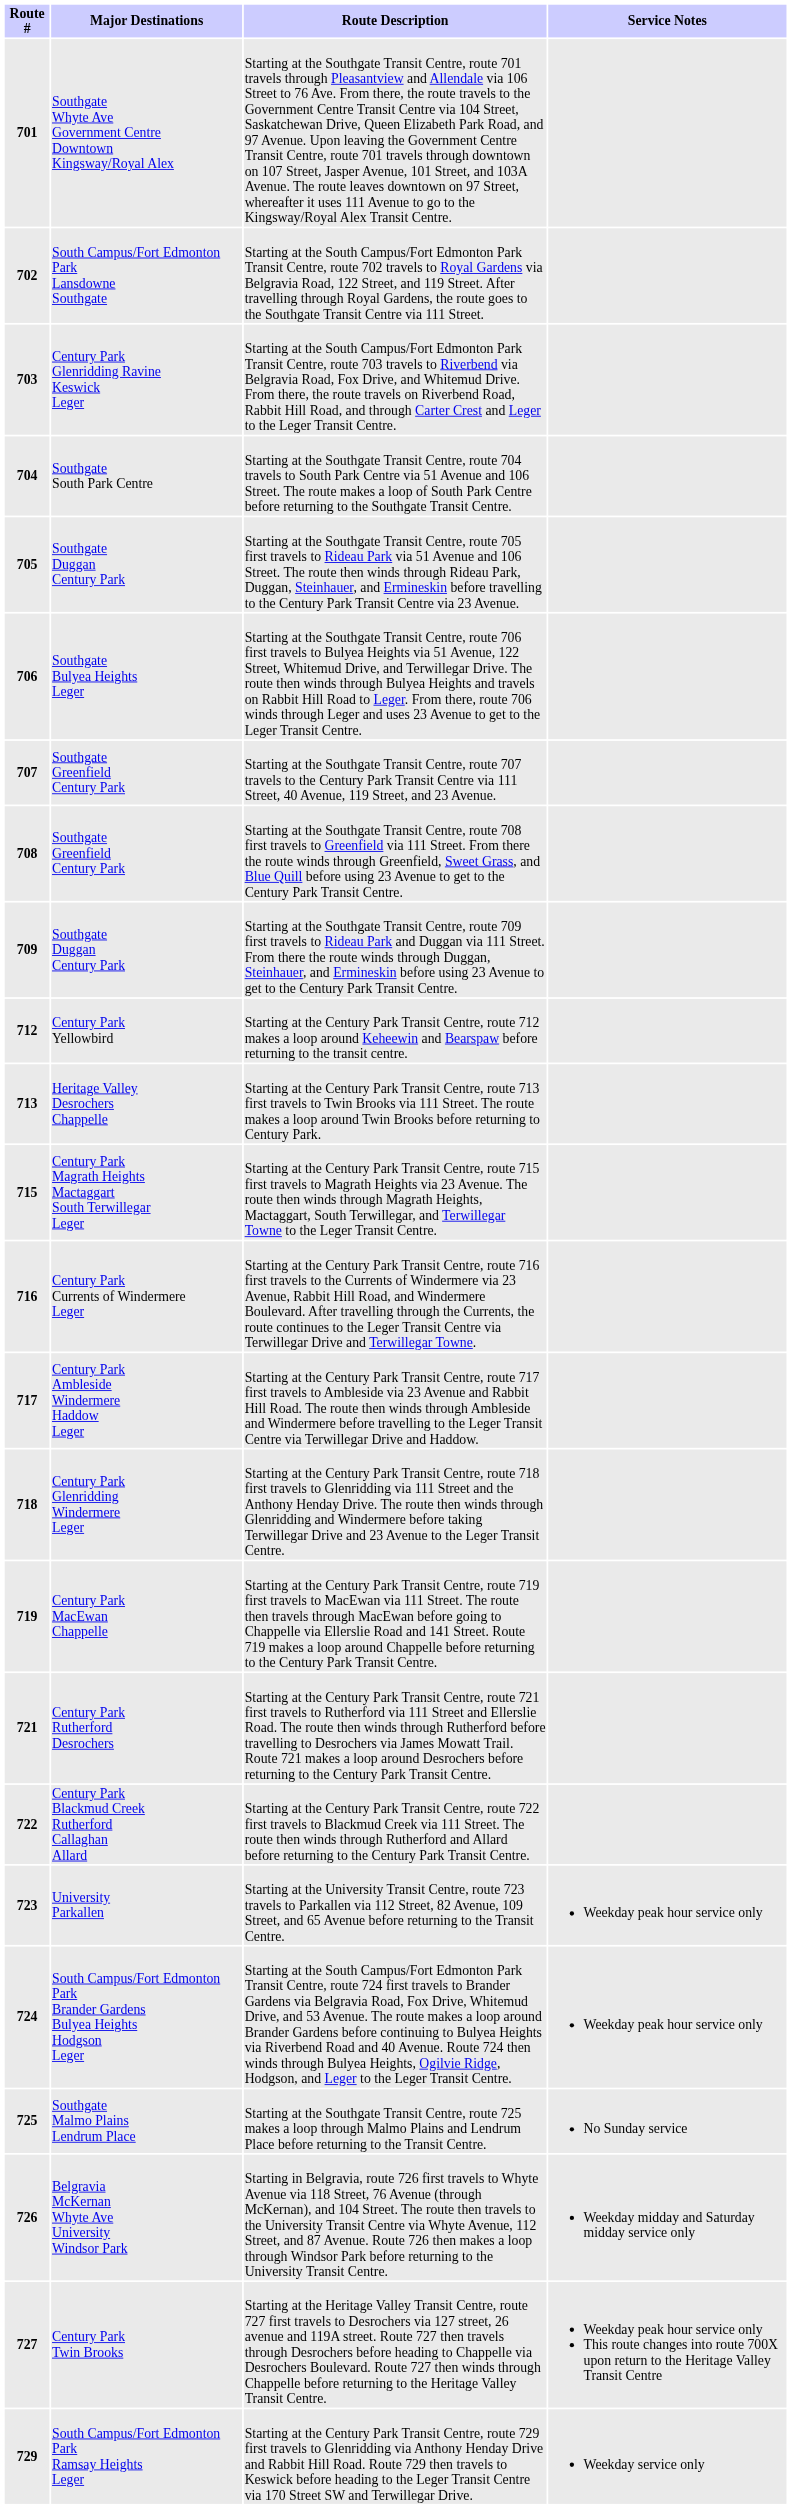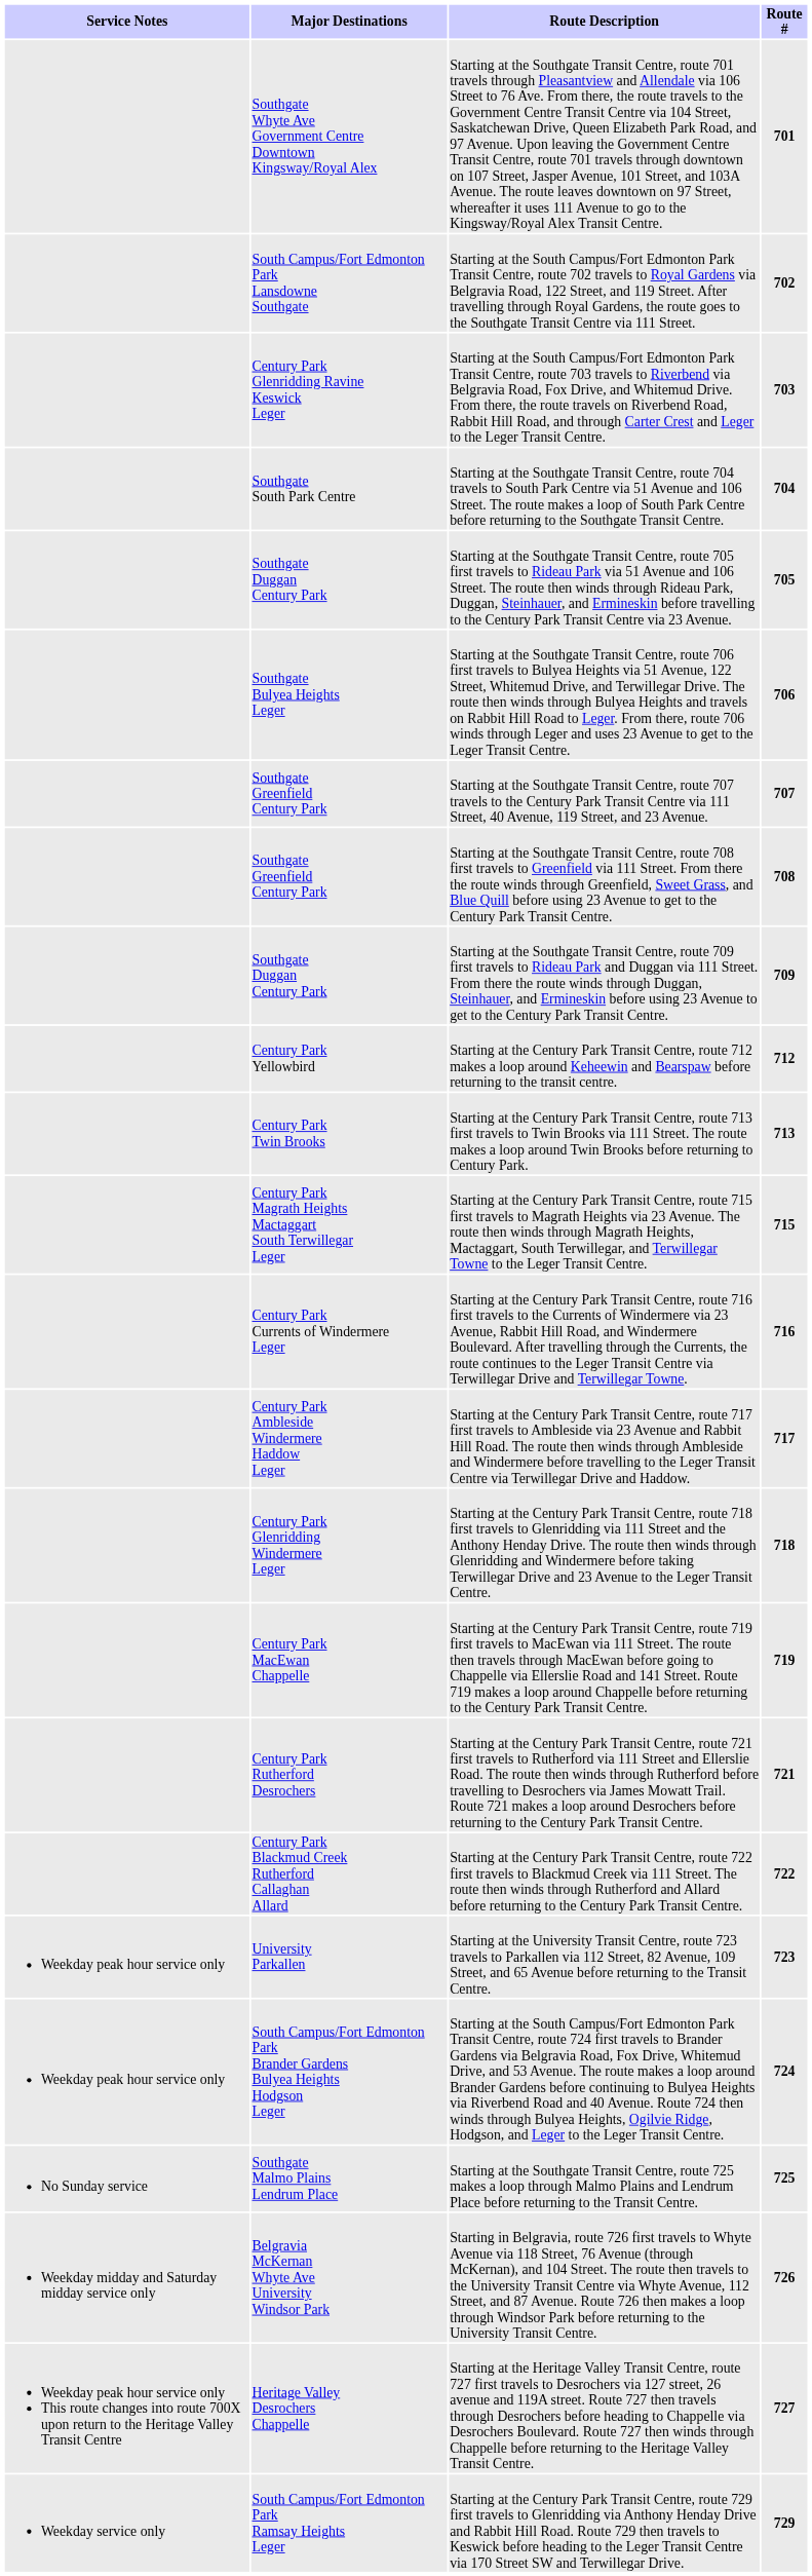 <table>
 <tr bgcolor="#ccccff">
-<th width="50" align="center"><strong>Route #</strong></th>
+<td width="275" align="center"><strong>Service Notes</strong></td>
 <td width="220" align="center"><strong>Major Destinations</strong></td>
 <td width="350" align="center"><strong>Route Description</strong></td>
-<td width="275" align="center"><strong>Service Notes</strong></td>
+<th width="50" align="center"><strong>Route #</strong></th>
 </tr>
 <tr bgcolor="#eaeaea">
-<td align="center"><strong>701</strong></td>
+<td></td>
 <td><a href='#'>Southgate</a><br><a href='#'>Whyte Ave</a><br><a href='#'>Government Centre</a><br><a href='#'>Downtown</a><br><a href='#'>Kingsway/Royal Alex</a></td>
 <td><br>Starting at the Southgate Transit Centre, route 701 travels through <a href='#'>Pleasantview</a> and <a href='#'>Allendale</a> via 106 Street to 76 Ave. From there, the route travels to the Government Centre Transit Centre via 104 Street, Saskatchewan Drive, Queen Elizabeth Park Road, and 97 Avenue. Upon leaving the Government Centre Transit Centre, route 701 travels through downtown on 107 Street, Jasper Avenue, 101 Street, and 103A Avenue. The route leaves downtown on 97 Street, whereafter it uses 111 Avenue to go to the Kingsway/Royal Alex Transit Centre.</td>
-<td></td>
+<td align="center"><strong>701</strong></td>
 </tr>
 <tr bgcolor="#eaeaea">
-<td align="center"><strong>702</strong></td>
+<td></td>
 <td><a href='#'>South Campus/Fort Edmonton Park</a><br><a href='#'>Lansdowne</a><br><a href='#'>Southgate</a></td>
 <td><br>Starting at the South Campus/Fort Edmonton Park Transit Centre, route 702 travels to <a href='#'>Royal Gardens</a> via Belgravia Road, 122 Street, and 119 Street. After travelling through Royal Gardens, the route goes to the Southgate Transit Centre via 111 Street.</td>
-<td></td>
+<td align="center"><strong>702</strong></td>
 </tr>
 <tr bgcolor="#eaeaea">
-<td align="center"><strong>703</strong></td>
+<td></td>
 <td><a href='#'>Century Park</a><br><a href='#'>Glenridding Ravine</a><br><a href='#'>Keswick</a><br><a href='#'>Leger</a></td>
 <td><br>Starting at the South Campus/Fort Edmonton Park Transit Centre, route 703 travels to <a href='#'>Riverbend</a> via Belgravia Road, Fox Drive, and Whitemud Drive. From there, the route travels on Riverbend Road, Rabbit Hill Road, and through <a href='#'>Carter Crest</a> and <a href='#'>Leger</a> to the Leger Transit Centre.</td>
-<td></td>
+<td align="center"><strong>703</strong></td>
 </tr>
 <tr bgcolor="#eaeaea">
-<td align="center"><strong>704</strong></td>
+<td></td>
 <td><a href='#'>Southgate</a><br>South Park Centre</td>
 <td><br>Starting at the Southgate Transit Centre, route 704 travels to South Park Centre via 51 Avenue and 106 Street. The route makes a loop of South Park Centre before returning to the Southgate Transit Centre.</td>
-<td></td>
+<td align="center"><strong>704</strong></td>
 </tr>
 <tr bgcolor="#eaeaea">
-<td align="center"><strong>705</strong></td>
+<td></td>
 <td><a href='#'>Southgate</a><br><a href='#'>Duggan</a><br><a href='#'>Century Park</a></td>
 <td><br>Starting at the Southgate Transit Centre, route 705 first travels to <a href='#'>Rideau Park</a> via 51 Avenue and 106 Street. The route then winds through Rideau Park, Duggan, <a href='#'>Steinhauer</a>, and <a href='#'>Ermineskin</a> before travelling to the Century Park Transit Centre via 23 Avenue.</td>
-<td></td>
+<td align="center"><strong>705</strong></td>
 </tr>
 <tr bgcolor="#eaeaea">
-<td align="center"><strong>706</strong></td>
+<td></td>
 <td><a href='#'>Southgate</a><br><a href='#'>Bulyea Heights</a><br><a href='#'>Leger</a></td>
 <td><br>Starting at the Southgate Transit Centre, route 706 first travels to Bulyea Heights via 51 Avenue, 122 Street, Whitemud Drive, and Terwillegar Drive. The route then winds through Bulyea Heights and travels on Rabbit Hill Road to <a href='#'>Leger</a>. From there, route 706 winds through Leger and uses 23 Avenue to get to the Leger Transit Centre.</td>
-<td></td>
+<td align="center"><strong>706</strong></td>
 </tr>
 <tr bgcolor="#eaeaea">
-<td align="center"><strong>707</strong></td>
+<td></td>
 <td><a href='#'>Southgate</a><br><a href='#'>Greenfield</a><br><a href='#'>Century Park</a></td>
 <td><br>Starting at the Southgate Transit Centre, route 707 travels to the Century Park Transit Centre via 111 Street, 40 Avenue, 119 Street, and 23 Avenue.</td>
-<td></td>
+<td align="center"><strong>707</strong></td>
 </tr>
 <tr bgcolor="#eaeaea">
-<td align="center"><strong>708</strong></td>
+<td></td>
 <td><a href='#'>Southgate</a><br><a href='#'>Greenfield</a><br><a href='#'>Century Park</a></td>
 <td><br>Starting at the Southgate Transit Centre, route 708 first travels to <a href='#'>Greenfield</a> via 111 Street. From there the route winds through Greenfield, <a href='#'>Sweet Grass</a>, and <a href='#'>Blue Quill</a> before using 23 Avenue to get to the Century Park Transit Centre.</td>
-<td></td>
+<td align="center"><strong>708</strong></td>
 </tr>
 <tr bgcolor="#eaeaea">
-<td align="center"><strong>709</strong></td>
+<td></td>
 <td><a href='#'>Southgate</a><br><a href='#'>Duggan</a><br><a href='#'>Century Park</a></td>
 <td><br>Starting at the Southgate Transit Centre, route 709 first travels to <a href='#'>Rideau Park</a> and Duggan via 111 Street. From there the route winds through Duggan, <a href='#'>Steinhauer</a>, and <a href='#'>Ermineskin</a> before using 23 Avenue to get to the Century Park Transit Centre.</td>
-<td></td>
+<td align="center"><strong>709</strong></td>
 </tr>
 <tr bgcolor="#eaeaea">
-<td align="center"><strong>712</strong></td>
+<td></td>
 <td><a href='#'>Century Park</a><br>Yellowbird</td>
 <td><br>Starting at the Century Park Transit Centre, route 712 makes a loop around <a href='#'>Keheewin</a> and <a href='#'>Bearspaw</a> before returning to the transit centre.</td>
-<td></td>
+<td align="center"><strong>712</strong></td>
 </tr>
 <tr bgcolor="#eaeaea">
+<td></td>
+<td><a href='#'>Century Park</a><br><a href='#'>Twin Brooks</a></td>
+<td><br>Starting at the Century Park Transit Centre, route 713 first travels to Twin Brooks via 111 Street. The route makes a loop around Twin Brooks before returning to Century Park.</td>
 <td align="center"><strong>713</strong></td>
-<td><a href='#'>Heritage Valley</a><br><a href='#'>Desrochers</a><br><a href='#'>Chappelle</a></td>
-<td><br>Starting at the Century Park Transit Centre, route 713 first travels to Twin Brooks via 111 Street. The route makes a loop around Twin Brooks before returning to Century Park.</td>
-<td></td>
 </tr>
 <tr bgcolor="#eaeaea">
-<td align="center"><strong>715</strong></td>
+<td></td>
 <td><a href='#'>Century Park</a><br><a href='#'>Magrath Heights</a><br><a href='#'>Mactaggart</a><br><a href='#'>South Terwillegar</a><br><a href='#'>Leger</a></td>
 <td><br>Starting at the Century Park Transit Centre, route 715 first travels to Magrath Heights via 23 Avenue. The route then winds through Magrath Heights, Mactaggart, South Terwillegar, and <a href='#'>Terwillegar Towne</a> to the Leger Transit Centre.</td>
-<td></td>
+<td align="center"><strong>715</strong></td>
 </tr>
 <tr bgcolor="#eaeaea">
-<td align="center"><strong>716</strong></td>
+<td></td>
 <td><a href='#'>Century Park</a><br>Currents of Windermere<br><a href='#'>Leger</a></td>
 <td><br>Starting at the Century Park Transit Centre, route 716 first travels to the Currents of Windermere via 23 Avenue, Rabbit Hill Road, and Windermere Boulevard. After travelling through the Currents, the route continues to the Leger Transit Centre via Terwillegar Drive and <a href='#'>Terwillegar Towne</a>.</td>
-<td></td>
+<td align="center"><strong>716</strong></td>
 </tr>
 <tr bgcolor="#eaeaea">
-<td align="center"><strong>717</strong></td>
+<td></td>
 <td><a href='#'>Century Park</a><br><a href='#'>Ambleside</a><br><a href='#'>Windermere</a><br><a href='#'>Haddow</a><br><a href='#'>Leger</a></td>
 <td><br>Starting at the Century Park Transit Centre, route 717 first travels to Ambleside via 23 Avenue and Rabbit Hill Road. The route then winds through Ambleside and Windermere before travelling to the Leger Transit Centre via Terwillegar Drive and Haddow.</td>
-<td></td>
+<td align="center"><strong>717</strong></td>
 </tr>
 <tr bgcolor="#eaeaea">
-<td align="center"><strong>718</strong></td>
+<td></td>
 <td><a href='#'>Century Park</a><br><a href='#'>Glenridding</a><br><a href='#'>Windermere</a><br><a href='#'>Leger</a></td>
 <td><br>Starting at the Century Park Transit Centre, route 718 first travels to Glenridding via 111 Street and the Anthony Henday Drive. The route then winds through Glenridding and Windermere before taking Terwillegar Drive and 23 Avenue to the Leger Transit Centre.</td>
-<td></td>
+<td align="center"><strong>718</strong></td>
 </tr>
 <tr bgcolor="#eaeaea">
-<td align="center"><strong>719</strong></td>
+<td></td>
 <td><a href='#'>Century Park</a><br><a href='#'>MacEwan</a><br><a href='#'>Chappelle</a></td>
 <td><br>Starting at the Century Park Transit Centre, route 719 first travels to MacEwan via 111 Street. The route then travels through MacEwan before going to Chappelle via Ellerslie Road and 141 Street. Route 719 makes a loop around Chappelle before returning to the Century Park Transit Centre.</td>
-<td></td>
+<td align="center"><strong>719</strong></td>
 </tr>
 <tr bgcolor="#eaeaea">
-<td align="center"><strong>721</strong></td>
+<td></td>
 <td><a href='#'>Century Park</a><br><a href='#'>Rutherford</a><br><a href='#'>Desrochers</a></td>
 <td><br>Starting at the Century Park Transit Centre, route 721 first travels to Rutherford via 111 Street and Ellerslie Road. The route then winds through Rutherford before travelling to Desrochers via James Mowatt Trail. Route 721 makes a loop around Desrochers before returning to the Century Park Transit Centre.</td>
-<td></td>
+<td align="center"><strong>721</strong></td>
 </tr>
 <tr bgcolor="#eaeaea">
-<td align="center"><strong>722</strong></td>
+<td></td>
 <td><a href='#'>Century Park</a><br><a href='#'>Blackmud Creek</a><br><a href='#'>Rutherford</a><br><a href='#'>Callaghan</a><br><a href='#'>Allard</a></td>
 <td><br>Starting at the Century Park Transit Centre, route 722 first travels to Blackmud Creek via 111 Street. The route then winds through Rutherford and Allard before returning to the Century Park Transit Centre.</td>
-<td></td>
+<td align="center"><strong>722</strong></td>
 </tr>
 <tr bgcolor="#eaeaea">
-<td align="center"><strong>723</strong></td>
+<td><br><ul><li>Weekday peak hour service only</li></ul></td>
 <td><a href='#'>University</a><br><a href='#'>Parkallen</a></td>
 <td><br>Starting at the University Transit Centre, route 723 travels to Parkallen via 112 Street, 82 Avenue, 109 Street, and 65 Avenue before returning to the Transit Centre.</td>
-<td><br><ul><li>Weekday peak hour service only</li></ul></td>
+<td align="center"><strong>723</strong></td>
 </tr>
 <tr bgcolor="#eaeaea">
-<td align="center"><strong>724</strong></td>
+<td><br><ul><li>Weekday peak hour service only</li></ul></td>
 <td><a href='#'>South Campus/Fort Edmonton Park</a><br><a href='#'>Brander Gardens</a><br><a href='#'>Bulyea Heights</a><br><a href='#'>Hodgson</a><br><a href='#'>Leger</a></td>
 <td><br>Starting at the South Campus/Fort Edmonton Park Transit Centre, route 724 first travels to Brander Gardens via Belgravia Road, Fox Drive, Whitemud Drive, and 53 Avenue. The route makes a loop around Brander Gardens before continuing to Bulyea Heights via Riverbend Road and 40 Avenue. Route 724 then winds through Bulyea Heights, <a href='#'>Ogilvie Ridge</a>, Hodgson, and <a href='#'>Leger</a> to the Leger Transit Centre.</td>
-<td><br><ul><li>Weekday peak hour service only</li></ul></td>
+<td align="center"><strong>724</strong></td>
 </tr>
 <tr bgcolor="#eaeaea">
-<td align="center"><strong>725</strong></td>
+<td><br><ul><li>No Sunday service</li></ul></td>
 <td><a href='#'>Southgate</a><br><a href='#'>Malmo Plains</a><br><a href='#'>Lendrum Place</a></td>
 <td><br>Starting at the Southgate Transit Centre, route 725 makes a loop through Malmo Plains and Lendrum Place before returning to the Transit Centre.</td>
-<td><br><ul><li>No Sunday service</li></ul></td>
+<td align="center"><strong>725</strong></td>
 </tr>
 <tr bgcolor="#eaeaea">
-<td align="center"><strong>726</strong></td>
+<td><br><ul><li>Weekday midday and Saturday midday service only</li></ul></td>
 <td><a href='#'>Belgravia</a><br><a href='#'>McKernan</a><br><a href='#'>Whyte Ave</a><br><a href='#'>University</a><br><a href='#'>Windsor Park</a></td>
 <td><br>Starting in Belgravia, route 726 first travels to Whyte Avenue via 118 Street, 76 Avenue (through McKernan), and 104 Street. The route then travels to the University Transit Centre via Whyte Avenue, 112 Street, and 87 Avenue. Route 726 then makes a loop through Windsor Park before returning to the University Transit Centre.</td>
-<td><br><ul><li>Weekday midday and Saturday midday service only</li></ul></td>
+<td align="center"><strong>726</strong></td>
 </tr>
 <tr bgcolor="#eaeaea">
+<td><br><ul><li>Weekday peak hour service only</li><li>This route changes into route 700X upon return to the Heritage Valley Transit Centre</li></ul></td>
+<td><a href='#'>Heritage Valley</a><br><a href='#'>Desrochers</a><br><a href='#'>Chappelle</a></td>
+<td><br>Starting at the Heritage Valley Transit Centre, route 727 first travels to Desrochers via 127 street, 26 avenue and 119A street. Route 727 then travels through Desrochers before heading to Chappelle via Desrochers Boulevard. Route 727 then winds through Chappelle before returning to the Heritage Valley Transit Centre.</td>
 <td align="center"><strong>727</strong></td>
-<td><a href='#'>Century Park</a><br><a href='#'>Twin Brooks</a></td>
-<td><br>Starting at the Heritage Valley Transit Centre, route 727 first travels to Desrochers via 127 street, 26 avenue and 119A street. Route 727 then travels through Desrochers before heading to Chappelle via Desrochers Boulevard. Route 727 then winds through Chappelle before returning to the Heritage Valley Transit Centre.</td>
-<td><br><ul><li>Weekday peak hour service only</li><li>This route changes into route 700X upon return to the Heritage Valley Transit Centre</li></ul></td>
 </tr>
 <tr bgcolor="#eaeaea">
-<td align="center"><strong>729</strong></td>
+<td><br><ul><li>Weekday service only</li></ul></td>
 <td><a href='#'>South Campus/Fort Edmonton Park</a><br><a href='#'>Ramsay Heights</a><br><a href='#'>Leger</a></td>
 <td><br>Starting at the Century Park Transit Centre, route 729 first travels to Glenridding via Anthony Henday Drive and Rabbit Hill Road. Route 729 then travels to Keswick before heading to the Leger Transit Centre via 170 Street SW and Terwillegar Drive.</td>
-<td><br><ul><li>Weekday service only</li></ul></td>
+<td align="center"><strong>729</strong></td>
 </tr>
 </table>
